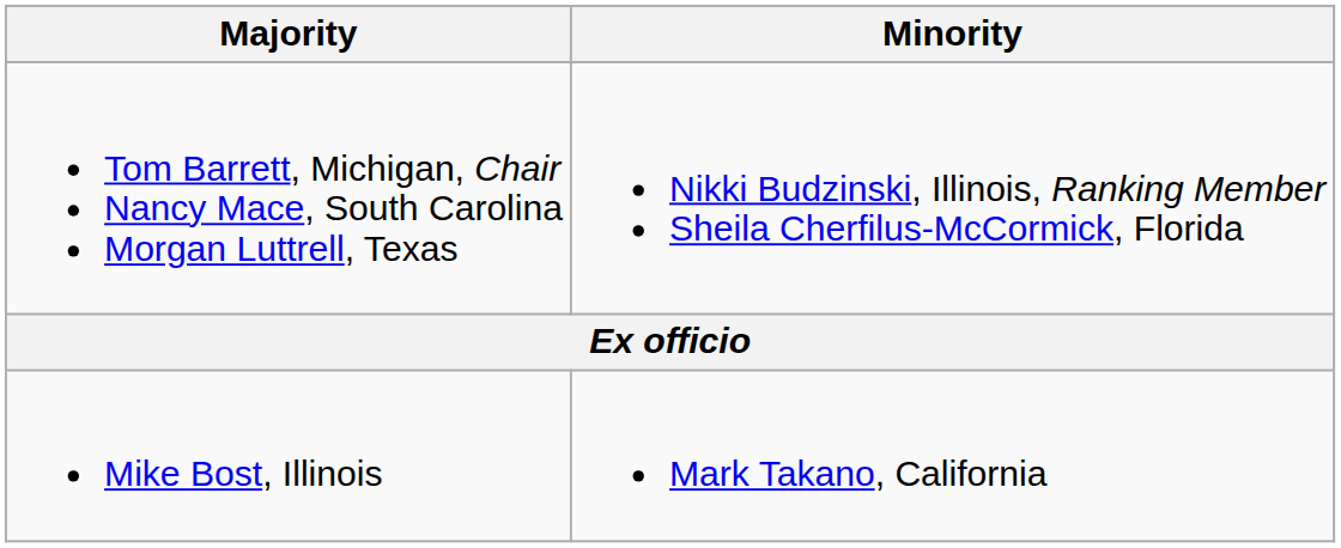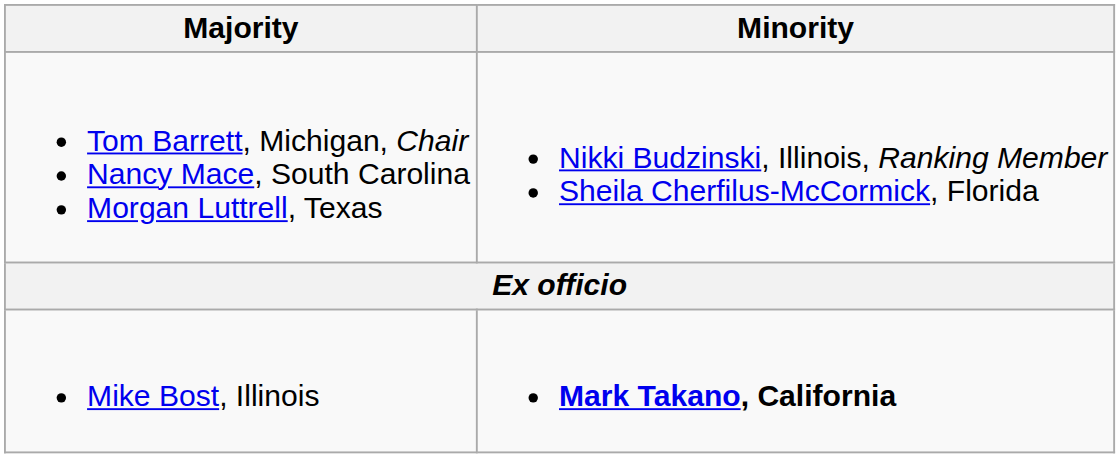 <table class="wikitable">
 <tr>
 <th>Majority</th>
 <th>Minority</th>
 </tr>
 <tr>
 <td><br><ul><li><a href='#'>Tom Barrett</a>, Michigan, <em>Chair</em></li><li><a href='#'>Nancy Mace</a>, South Carolina</li><li><a href='#'>Morgan Luttrell</a>, Texas</li></ul></td>
 <td><br><ul><li><a href='#'>Nikki Budzinski</a>, Illinois, <em>Ranking Member</em></li><li><a href='#'>Sheila Cherfilus-McCormick</a>, Florida</li></ul></td>
 </tr>
 <tr>
 <th colspan=2><em>Ex officio</em></th>
 </tr>
 <tr>
 <td><br><ul><li><a href='#'>Mike Bost</a>, Illinois</li></ul></td>
-<td><br><ul><li><a href='#'>Mark Takano</a>, California</li></ul></td>
+<td><strong><br><ul><li><a href='#'>Mark Takano</a>, California</li></ul></strong></td>
 </tr>
 </table>
